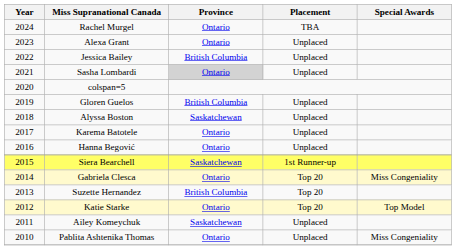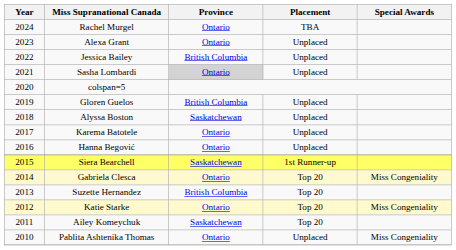 <table class="wikitable sortable" style="font-size: 95%; text-align:center">
 <tr>
 <th width="60">Year</th>
 <th width="200">Miss Supranational Canada</th>
 <th width="150">Province</th>
 <th width="150">Placement</th>
 <th width="150">Special Awards</th>
 </tr>
 <tr>
 <td>2024</td>
 <td>Rachel Murgel</td>
 <td><a href='#'>Ontario</a></td>
 <td>TBA</td>
 <td></td>
 </tr>
 <tr>
 <td>2023</td>
 <td>Alexa Grant</td>
 <td><a href='#'>Ontario</a></td>
 <td>Unplaced</td>
 <td></td>
 </tr>
 <tr>
 <td>2022</td>
 <td>Jessica Bailey</td>
 <td><a href='#'>British Columbia</a></td>
 <td>Unplaced</td>
 <td></td>
 </tr>
 <tr>
 <td>2021</td>
 <td>Sasha Lombardi</td>
 <td style="background: lightgrey;"><a href='#'>Ontario</a></td>
 <td>Unplaced</td>
 <td></td>
 </tr>
 <tr>
 <td>2020</td>
 <td>colspan=5 </td>
 </tr>
 <tr>
 <td>2019</td>
 <td>Gloren Guelos</td>
 <td><a href='#'>British Columbia</a></td>
 <td>Unplaced</td>
 <td></td>
 </tr>
 <tr>
 <td>2018</td>
 <td>Alyssa Boston</td>
 <td><a href='#'>Saskatchewan</a></td>
 <td>Unplaced</td>
 <td></td>
 </tr>
 <tr>
 <td>2017</td>
 <td>Karema Batotele</td>
 <td><a href='#'>Ontario</a></td>
 <td>Unplaced</td>
 <td></td>
 </tr>
 <tr>
 <td>2016</td>
 <td>Hanna Begović</td>
 <td><a href='#'>Ontario</a></td>
 <td>Unplaced</td>
 <td></td>
 </tr>
 <tr>
 </tr>
 <tr style="background-color:#FFFF66;">
 <td>2015</td>
 <td>Siera Bearchell</td>
 <td><a href='#'>Saskatchewan</a></td>
 <td>1st Runner-up</td>
 <td></td>
 </tr>
 <tr style="background-color:#FFFACD;">
 <td>2014</td>
 <td>Gabriela Clesca</td>
 <td><a href='#'>Ontario</a></td>
 <td>Top 20</td>
 <td>Miss Congeniality</td>
 </tr>
 <tr>
 <td>2013</td>
 <td>Suzette Hernandez</td>
 <td><a href='#'>British Columbia</a></td>
 <td>Top 20</td>
 <td></td>
 </tr>
 <tr style="background-color:#FFFACD;">
 <td>2012</td>
 <td>Katie Starke</td>
 <td><a href='#'>Ontario</a></td>
 <td>Top 20</td>
-<td>Top Model</td>
+<td>Miss Congeniality</td>
 </tr>
 <tr>
 <td>2011</td>
 <td>Ailey Komeychuk</td>
 <td><a href='#'>Saskatchewan</a></td>
-<td>Unplaced</td>
+<td>Top 20</td>
 <td></td>
 </tr>
 <tr>
 <td>2010</td>
 <td>Pablita Ashtenika Thomas</td>
 <td><a href='#'>Ontario</a></td>
 <td>Unplaced</td>
 <td>Miss Congeniality</td>
 </tr>
 <tr>
 </tr>
 </table>
